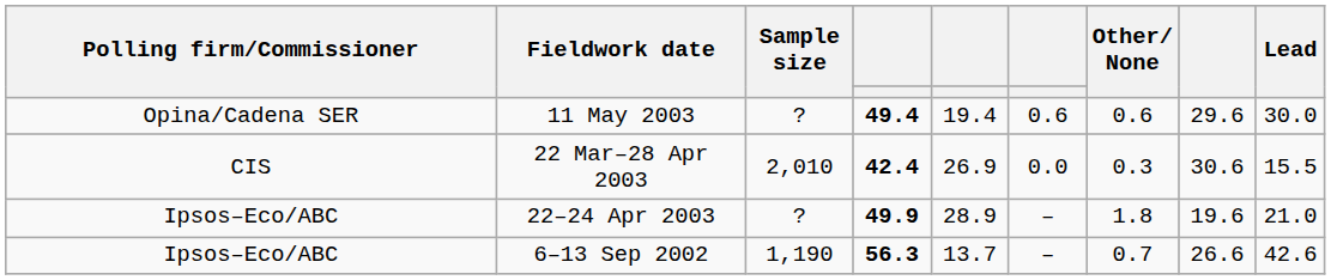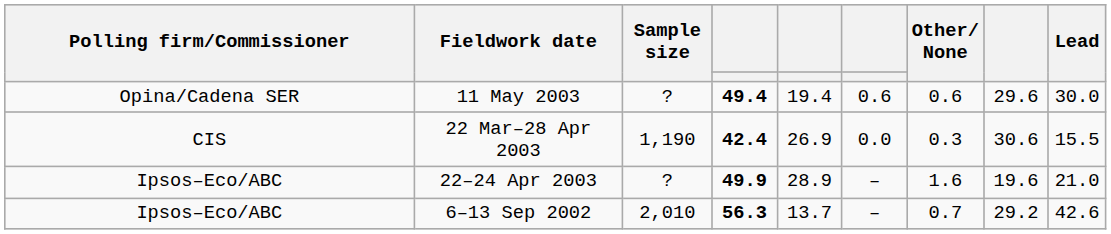 <table class="wikitable collapsible collapsed" style="text-align:center; font-size:90%; line-height:14px;">
 <tr style="height:42px;">
 <th style="width:250px;" rowspan="2">Polling firm/Commissioner</th>
 <th style="width:125px;" rowspan="2">Fieldwork date</th>
 <th style="width:50px;" rowspan="2">Sample size</th>
 <th style="width:35px;"></th>
 <th style="width:35px;"></th>
 <th style="width:35px;"></th>
 <th style="width:35px;" rowspan="2">Other/<br>None</th>
 <th style="width:35px;" rowspan="2"></th>
 <th style="width:30px;" rowspan="2">Lead</th>
 </tr>
 <tr>
 <th style="color:inherit;background:"></th>
 <th style="color:inherit;background:"></th>
 <th style="color:inherit;background:"></th>
 </tr>
 <tr>
 <td>Opina/Cadena SER</td>
 <td>11 May 2003</td>
 <td>?</td>
 <td><strong>49.4</strong></td>
 <td>19.4</td>
 <td>0.6</td>
 <td>0.6</td>
 <td>29.6</td>
 <td style="background:">30.0</td>
 </tr>
 <tr>
 <td>CIS</td>
 <td>22 Mar–28 Apr 2003</td>
-<td>2,010</td>
+<td>1,190</td>
 <td><strong>42.4</strong></td>
 <td>26.9</td>
 <td>0.0</td>
 <td>0.3</td>
 <td>30.6</td>
 <td style="background:">15.5</td>
 </tr>
 <tr>
 <td>Ipsos–Eco/ABC</td>
 <td>22–24 Apr 2003</td>
 <td>?</td>
 <td><strong>49.9</strong></td>
 <td>28.9</td>
 <td>–</td>
-<td>1.8</td>
+<td>1.6</td>
 <td>19.6</td>
 <td style="background:">21.0</td>
 </tr>
 <tr>
 <td>Ipsos–Eco/ABC</td>
 <td>6–13 Sep 2002</td>
-<td>1,190</td>
+<td>2,010</td>
 <td><strong>56.3</strong></td>
 <td>13.7</td>
 <td>–</td>
 <td>0.7</td>
-<td>26.6</td>
+<td>29.2</td>
 <td style="background:">42.6</td>
 </tr>
 </table>
